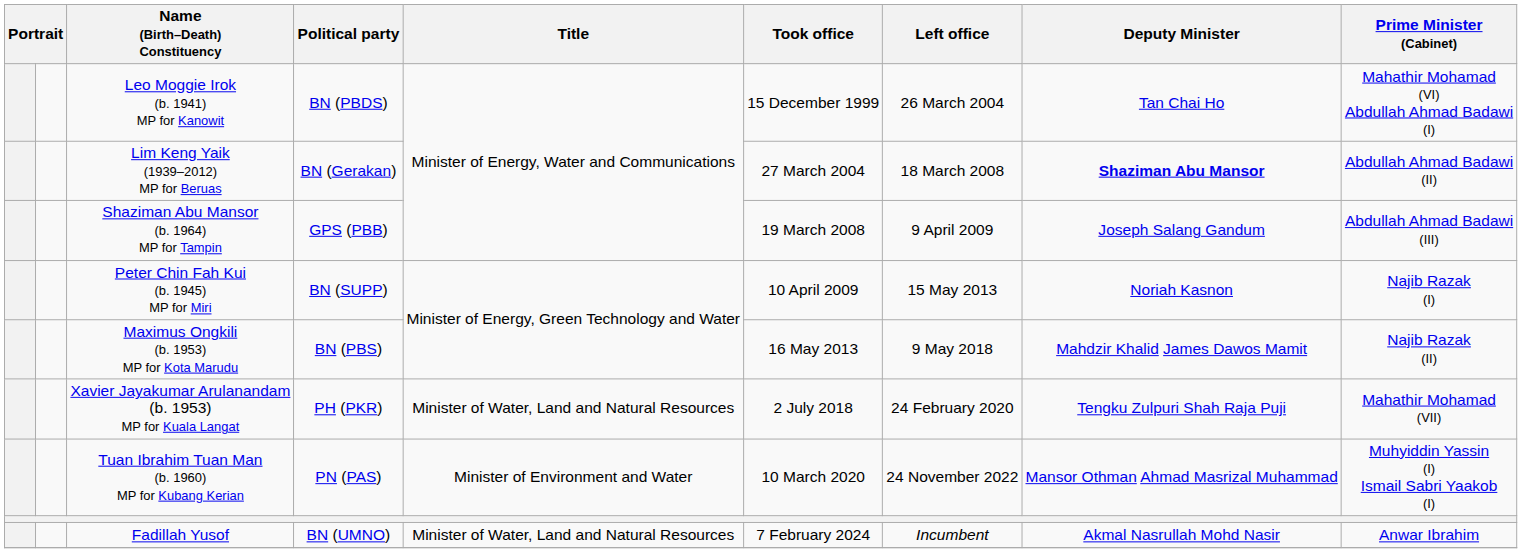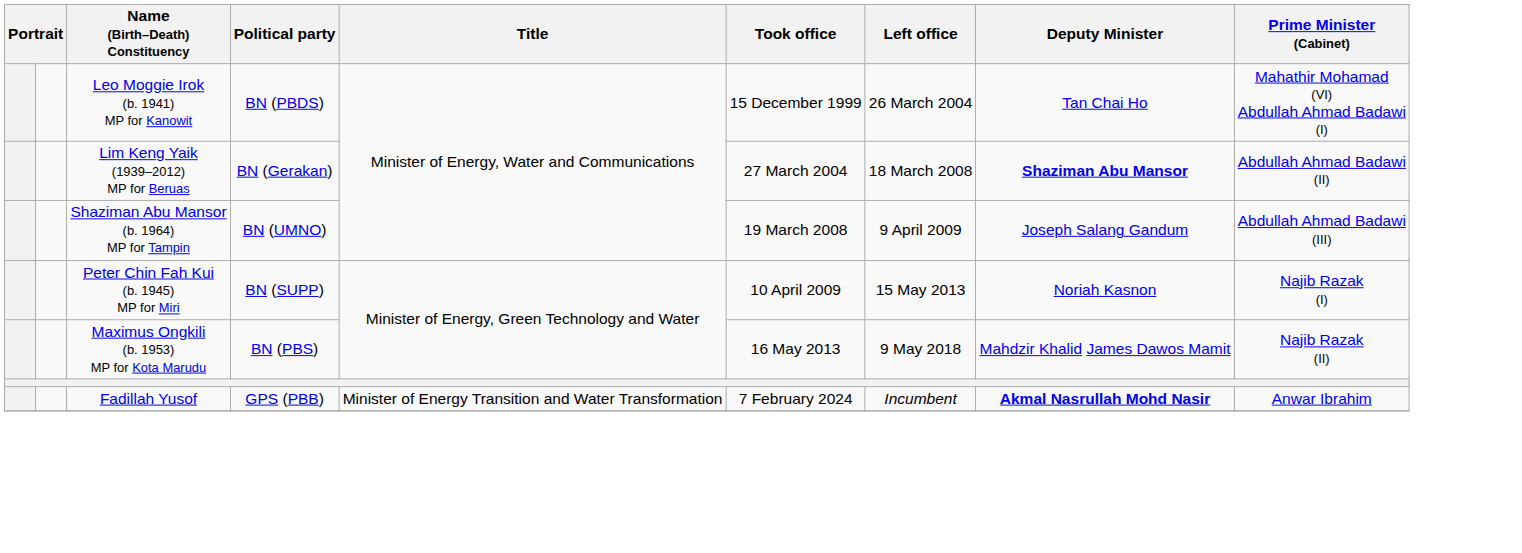 <table class="wikitable" style="text-align:center;">
 <tr>
 <th colspan=2>Portrait</th>
 <th>Name<br><small>(Birth–Death)<br>Constituency</small></th>
 <th>Political party</th>
 <th>Title</th>
 <th>Took office</th>
 <th>Left office</th>
 <th>Deputy Minister</th>
 <th><a href='#'>Prime Minister</a><br><small>(Cabinet)</small></th>
 </tr>
 <tr>
 <th style="background:"></th>
 <td></td>
 <td><a href='#'>Leo Moggie Irok</a><br><small>(b. 1941)<br>MP for <a href='#'>Kanowit</a></small></td>
 <td><a href='#'>BN</a> (<a href='#'>PBDS</a>)</td>
 <td rowspan=3>Minister of Energy, Water and Communications</td>
 <td>15 December 1999</td>
 <td>26 March 2004</td>
 <td><a href='#'>Tan Chai Ho</a></td>
 <td><a href='#'>Mahathir Mohamad</a><br><small>(VI)</small><br><a href='#'>Abdullah Ahmad Badawi</a><br><small>(I)</small></td>
 </tr>
 <tr>
 <th style="background:"></th>
 <td></td>
 <td><a href='#'>Lim Keng Yaik</a><br><small>(1939–2012)<br>MP for <a href='#'>Beruas</a></small></td>
 <td><a href='#'>BN</a> (<a href='#'>Gerakan</a>)</td>
 <td>27 March 2004</td>
 <td>18 March 2008</td>
 <td><strong><a href='#'>Shaziman Abu Mansor</a></strong></td>
 <td><a href='#'>Abdullah Ahmad Badawi</a><br><small>(II)</small></td>
 </tr>
 <tr>
 <th style="background:"></th>
 <td></td>
 <td><a href='#'>Shaziman Abu Mansor</a><br><small>(b. 1964)<br>MP for <a href='#'>Tampin</a></small></td>
-<td><a href='#'>GPS</a> (<a href='#'>PBB</a>)</td>
+<td><a href='#'>BN</a> (<a href='#'>UMNO</a>)</td>
 <td>19 March 2008</td>
 <td>9 April 2009</td>
 <td><a href='#'>Joseph Salang Gandum</a></td>
 <td><a href='#'>Abdullah Ahmad Badawi</a><br><small>(III)</small></td>
 </tr>
 <tr>
 <th style="background:"></th>
 <td></td>
 <td><a href='#'>Peter Chin Fah Kui</a><br><small>(b. 1945)<br>MP for <a href='#'>Miri</a></small></td>
 <td><a href='#'>BN</a> (<a href='#'>SUPP</a>)</td>
 <td rowspan=2>Minister of Energy, Green Technology and Water</td>
 <td>10 April 2009</td>
 <td>15 May 2013</td>
 <td><a href='#'>Noriah Kasnon</a></td>
 <td><a href='#'>Najib Razak</a><br><small>(I)</small></td>
 </tr>
 <tr>
 <th style="background:"></th>
 <td></td>
 <td><a href='#'>Maximus Ongkili</a><br><small>(b. 1953)<br>MP for <a href='#'>Kota Marudu</a></small></td>
 <td><a href='#'>BN</a> (<a href='#'>PBS</a>)</td>
 <td>16 May 2013</td>
 <td>9 May 2018</td>
 <td><a href='#'>Mahdzir Khalid</a> <a href='#'>James Dawos Mamit</a> </td>
 <td><a href='#'>Najib Razak</a><br><small>(II)</small></td>
 </tr>
 <tr>
-<th style="background:"></th>
-<td></td>
-<td><a href='#'>Xavier Jayakumar Arulanandam</a><br>(b. 1953)<small> <br>MP for <a href='#'>Kuala Langat</a></small></td>
-<td><a href='#'>PH</a> (<a href='#'>PKR</a>)</td>
-<td>Minister of Water, Land and Natural Resources</td>
-<td>2 July 2018</td>
-<td>24 February 2020</td>
-<td><a href='#'>Tengku Zulpuri Shah Raja Puji</a></td>
-<td><a href='#'>Mahathir Mohamad</a><br><small>(VII)</small></td>
-</tr>
-<tr>
-<th style="background:"></th>
-<td></td>
-<td><a href='#'>Tuan Ibrahim Tuan Man</a><br><small>(b. 1960)<br>MP for <a href='#'>Kubang Kerian</a></small></td>
-<td><a href='#'>PN</a> (<a href='#'>PAS</a>)</td>
-<td>Minister of Environment and Water</td>
-<td>10 March 2020</td>
-<td>24 November 2022</td>
-<td><a href='#'>Mansor Othman</a> <a href='#'>Ahmad Masrizal Muhammad</a> </td>
-<td><a href='#'>Muhyiddin Yassin</a><br><small>(I)</small><br><a href='#'>Ismail Sabri Yaakob</a><br><small>(I)</small></td>
-</tr>
-<tr>
 <th colspan="9" bgcolor="cccccc"></th>
 </tr>
 <tr>
 <th style="background:"></th>
 <td></td>
 <td><a href='#'>Fadillah Yusof</a><br></td>
-<td><a href='#'>BN</a> (<a href='#'>UMNO</a>)</td>
-<td>Minister of Water, Land and Natural Resources</td>
+<td><a href='#'>GPS</a> (<a href='#'>PBB</a>)</td>
+<td>Minister of Energy Transition and Water Transformation</td>
 <td>7 February 2024</td>
 <td><em>Incumbent</em></td>
-<td><a href='#'>Akmal Nasrullah Mohd Nasir</a></td>
+<td><strong><a href='#'>Akmal Nasrullah Mohd Nasir</a></strong></td>
 <td><a href='#'>Anwar Ibrahim</a><br></td>
 </tr>
 <tr>
 </tr>
 </table>
